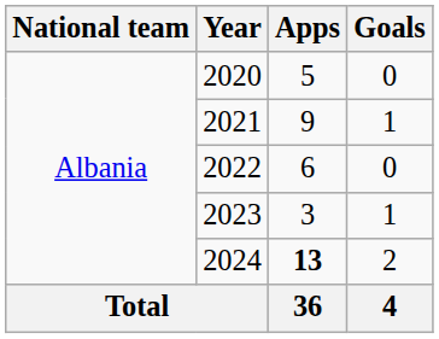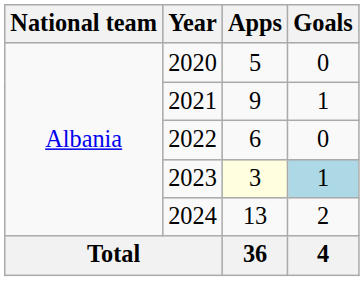 <table class="wikitable" style="text-align:center">
 <tr>
 <th>National team</th>
 <th>Year</th>
 <th>Apps</th>
 <th>Goals</th>
 </tr>
 <tr>
 <td rowspan="5"><a href='#'>Albania</a></td>
 <td>2020</td>
 <td>5</td>
 <td>0</td>
 </tr>
 <tr>
 <td>2021</td>
 <td>9</td>
 <td>1</td>
 </tr>
 <tr>
 <td>2022</td>
 <td>6</td>
 <td>0</td>
 </tr>
 <tr>
 <td>2023</td>
-<td>3</td>
-<td>1</td>
+<td style="background: lightyellow;">3</td>
+<td style="background: lightblue;">1</td>
 </tr>
 <tr>
 <td>2024</td>
-<td><strong>13</strong></td>
+<td>13</td>
 <td>2</td>
 </tr>
 <tr>
 <th colspan="2">Total</th>
 <th>36</th>
 <th>4</th>
 </tr>
 </table>
